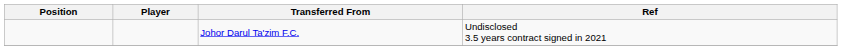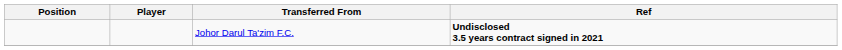 <table class="wikitable sortable" style="width:70%; text-align:center; font-size:100%; text-align:left;">
 <tr>
 <th><strong>Position</strong></th>
 <th><strong>Player</strong></th>
 <th><strong>Transferred From</strong></th>
 <th><strong>Ref</strong></th>
 </tr>
 <tr>
 <td></td>
 <td></td>
 <td> <a href='#'>Johor Darul Ta'zim F.C.</a></td>
-<td>Undisclosed <br> 3.5 years contract signed in 2021 </td>
+<td><strong>Undisclosed <br> 3.5 years contract signed in 2021 </strong></td>
 </tr>
 <tr>
 </tr>
 </table>
